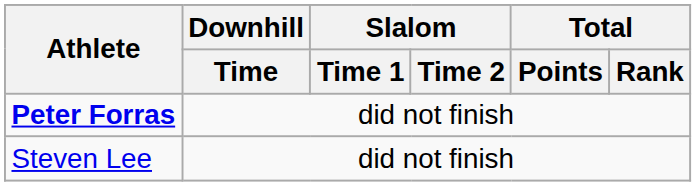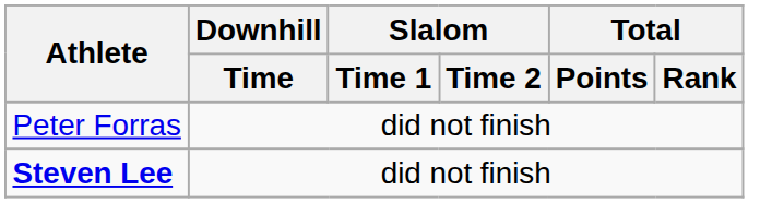 <table class="wikitable" style="font-size:90%">
 <tr>
 <th rowspan="2">Athlete</th>
 <th>Downhill</th>
 <th colspan="2">Slalom</th>
 <th colspan="2">Total</th>
 </tr>
 <tr>
 <th>Time</th>
 <th>Time 1</th>
 <th>Time 2</th>
 <th>Points</th>
 <th>Rank</th>
 </tr>
 <tr align="center">
-<td align="left"><strong><a href='#'>Peter Forras</a></strong></td>
+<td align="left"><a href='#'>Peter Forras</a></td>
 <td colspan=5>did not finish</td>
 </tr>
 <tr align="center">
-<td align="left"><a href='#'>Steven Lee</a></td>
+<td align="left"><strong><a href='#'>Steven Lee</a></strong></td>
 <td colspan=5>did not finish</td>
 </tr>
 </table>
